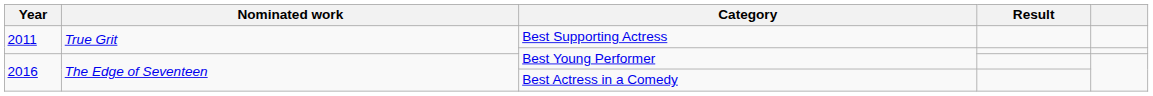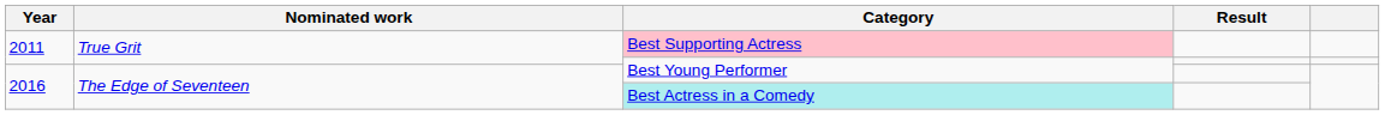 <table class="wikitable" style="width:85%;">
 <tr>
 <th width=5%>Year</th>
 <th style="width:40%;">Nominated work</th>
 <th style="width:40%;">Category</th>
 <th style="width:10%;">Result</th>
 <th width=5%></th>
 </tr>
 <tr>
 <td rowspan=2><a href='#'>2011</a></td>
 <td rowspan=2><em><a href='#'>True Grit</a></em></td>
-<td><a href='#'>Best Supporting Actress</a></td>
+<td style="background: pink;"><a href='#'>Best Supporting Actress</a></td>
 <td></td>
 <td></td>
 </tr>
 <tr>
 <td rowspan=2><a href='#'>Best Young Performer</a></td>
 <td></td>
 <td align ="center"></td>
 </tr>
 <tr>
 <td rowspan=2><a href='#'>2016</a></td>
 <td rowspan=2><em><a href='#'>The Edge of Seventeen</a></em></td>
 <td></td>
 <td rowspan="2" align="center"></td>
 </tr>
 <tr>
-<td><a href='#'>Best Actress in a Comedy</a></td>
+<td style="background: paleturquoise;"><a href='#'>Best Actress in a Comedy</a></td>
 <td></td>
 </tr>
 </table>
